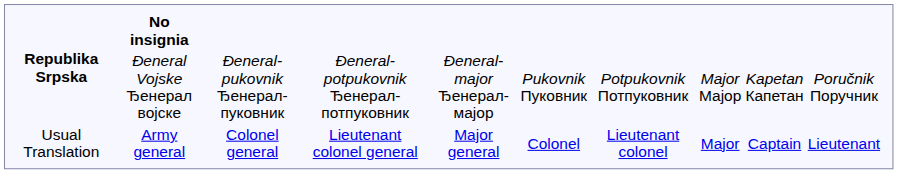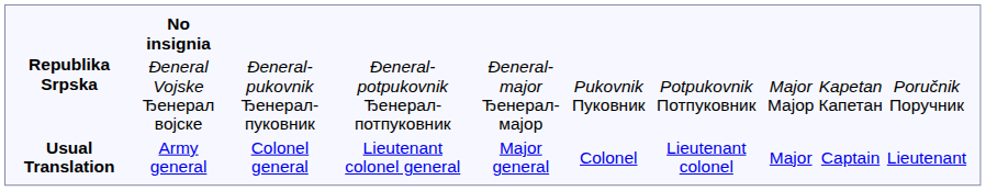 <table style="border:1px solid #8888aa; background-color:#f7f8ff; padding:5px; font-size:95%; margin: 0px 12px 12px 0px;">
 <tr style="text-align:center;">
 <th rowspan=2> Republika Srpska</th>
 <td colspan=2 rowspan=3></td>
 <td colspan=2><strong>No insignia</strong></td>
 <td colspan=2></td>
 <td colspan=2></td>
 <td colspan=2></td>
 <td colspan=2></td>
 <td colspan=2></td>
 <td colspan=2></td>
 <td colspan=2></td>
 <td colspan=2></td>
 <td colspan=12></td>
 </tr>
 <tr style="text-align:center;">
 <td colspan=2><em>Đeneral Vojske</em><br>Ђенерал војске</td>
 <td colspan=2><em>Đeneral-pukovnik</em><br>Ђенерал-пуковник</td>
 <td colspan=2><em>Đeneral-potpukovnik</em><br>Ђенерал-потпуковник</td>
 <td colspan=2><em>Đeneral-major</em><br>Ђенерал-мајор</td>
 <td colspan=2><em>Pukovnik</em><br>Пуковник</td>
 <td colspan=2><em>Potpukovnik</em><br>Потпуковник</td>
 <td colspan=2><em>Major</em><br>Мајор</td>
 <td colspan=2><em>Kapetan</em><br>Капетан</td>
 <td colspan=2><em>Poručnik</em><br>Поручник</td>
 <td></td>
 </tr>
 <tr style="text-align:center;">
-<td>Usual Translation</td>
+<td><strong>Usual Translation</strong></td>
 <td colspan=2><a href='#'>Army general</a></td>
 <td colspan=2><a href='#'>Colonel general</a></td>
 <td colspan=2><a href='#'>Lieutenant colonel general</a></td>
 <td colspan=2><a href='#'>Major general</a></td>
 <td colspan=2><a href='#'>Colonel</a></td>
 <td colspan=2><a href='#'>Lieutenant colonel</a></td>
 <td colspan=2><a href='#'>Major</a></td>
 <td colspan=2><a href='#'>Captain</a></td>
 <td colspan=2><a href='#'>Lieutenant</a></td>
 <td></td>
 </tr>
 </table>
